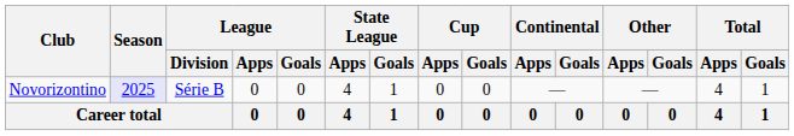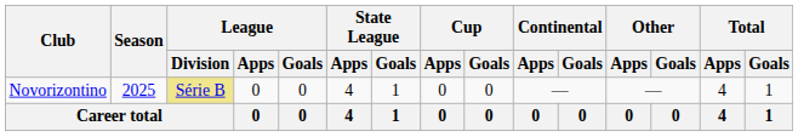 <table class="wikitable" style="text-align: center;">
 <tr>
 <th rowspan="2">Club</th>
 <th rowspan="2">Season</th>
 <th colspan="3">League</th>
 <th colspan="2">State League</th>
 <th colspan="2">Cup</th>
 <th colspan="2">Continental</th>
 <th colspan="2">Other</th>
 <th colspan="2">Total</th>
 </tr>
 <tr>
 <th>Division</th>
 <th>Apps</th>
 <th>Goals</th>
 <th>Apps</th>
 <th>Goals</th>
 <th>Apps</th>
 <th>Goals</th>
 <th>Apps</th>
 <th>Goals</th>
 <th>Apps</th>
 <th>Goals</th>
 <th>Apps</th>
 <th>Goals</th>
 </tr>
 <tr>
 <td valign="center"><a href='#'>Novorizontino</a></td>
-<td style="background: lavender;"><a href='#'>2025</a></td>
-<td><a href='#'>Série B</a></td>
+<td><a href='#'>2025</a></td>
+<td style="background: khaki;"><a href='#'>Série B</a></td>
 <td>0</td>
 <td>0</td>
 <td>4</td>
 <td>1</td>
 <td>0</td>
 <td>0</td>
 <td colspan="2">—</td>
 <td colspan="2">—</td>
 <td>4</td>
 <td>1</td>
 </tr>
 <tr>
 <th colspan="3"><strong>Career total</strong></th>
 <th>0</th>
 <th>0</th>
 <th>4</th>
 <th>1</th>
 <th>0</th>
 <th>0</th>
 <th>0</th>
 <th>0</th>
 <th>0</th>
 <th>0</th>
 <th>4</th>
 <th>1</th>
 </tr>
 </table>
